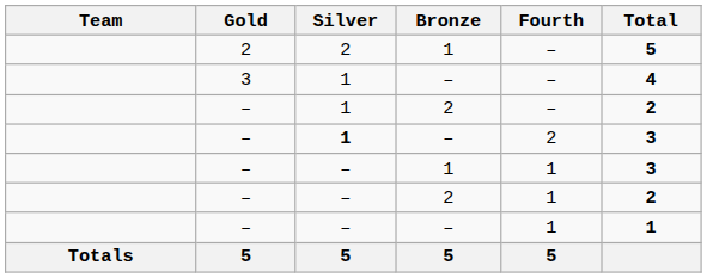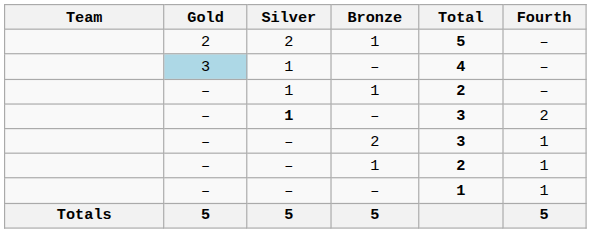 <table class="wikitable" style="text-align:center;">
 <tr>
 <th style="width:10em;">Team</th>
 <th style="width:5em;"> Gold</th>
 <th style="width:5em;"> Silver</th>
 <th style="width:5.75em; padding:0; cell-spacing:0;"> Bronze</th>
+<th style="width:5em;">Total </th>
 <th style="width:5em;">Fourth</th>
-<th style="width:5em;">Total </th>
 </tr>
 <tr>
 <td align=left></td>
 <td>2</td>
 <td>2</td>
 <td>1</td>
+<td><strong>5</strong></td>
 <td>–</td>
-<td><strong>5</strong></td>
 </tr>
 <tr>
 <td align=left></td>
-<td>3</td>
+<td style="background: lightblue;">3</td>
 <td>1</td>
 <td>–</td>
+<td><strong>4</strong></td>
 <td>–</td>
-<td><strong>4</strong></td>
 </tr>
 <tr>
 <td align=left></td>
 <td>–</td>
 <td>1</td>
-<td>2</td>
+<td>1</td>
+<td><strong>2</strong></td>
 <td>–</td>
-<td><strong>2</strong></td>
 </tr>
 <tr>
 <td align=left></td>
 <td>–</td>
 <td><strong>1</strong></td>
 <td>–</td>
+<td><strong>3</strong></td>
+<td>2</td>
+</tr>
+<tr>
+<td align=left></td>
+<td>–</td>
+<td>–</td>
 <td>2</td>
 <td><strong>3</strong></td>
+<td>1</td>
 </tr>
 <tr>
 <td align=left></td>
 <td>–</td>
 <td>–</td>
 <td>1</td>
+<td><strong>2</strong></td>
 <td>1</td>
-<td><strong>3</strong></td>
-</tr>
-<tr>
-<td align=left></td>
-<td>–</td>
-<td>–</td>
-<td>2</td>
-<td>1</td>
-<td><strong>2</strong></td>
 </tr>
 <tr>
 <td align=left></td>
 <td>–</td>
 <td>–</td>
 <td>–</td>
+<td><strong>1</strong></td>
 <td>1</td>
-<td><strong>1</strong></td>
 </tr>
 <tr>
 <th>Totals</th>
 <th>5</th>
 <th>5</th>
 <th>5</th>
+<th><strong></strong></th>
 <th>5</th>
-<th><strong></strong></th>
 </tr>
 </table>
